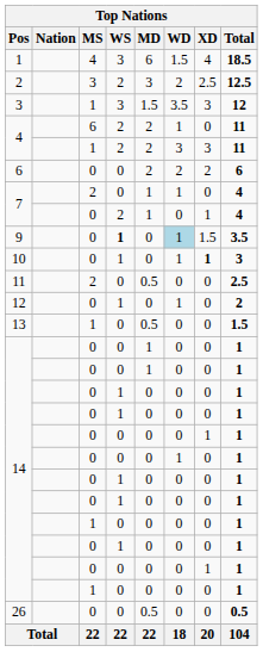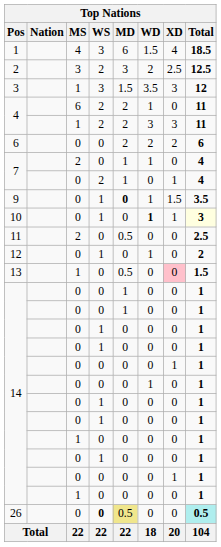 <table class="wikitable" style="text-align:center">
 <tr>
 <th colspan="10">Top Nations</th>
 </tr>
 <tr>
 <th>Pos</th>
 <th>Nation</th>
 <th>MS</th>
 <th>WS</th>
 <th>MD</th>
 <th>WD</th>
 <th>XD</th>
 <th>Total</th>
 </tr>
 <tr>
 <td>1</td>
 <td align="left"><strong></strong></td>
 <td>4</td>
 <td>3</td>
 <td>6</td>
 <td>1.5</td>
 <td>4</td>
 <td><strong>18.5</strong></td>
 </tr>
 <tr>
 <td>2</td>
 <td align="left"></td>
 <td>3</td>
 <td>2</td>
 <td>3</td>
 <td>2</td>
 <td>2.5</td>
 <td><strong>12.5</strong></td>
 </tr>
 <tr>
 <td>3</td>
 <td align="left"></td>
 <td>1</td>
 <td>3</td>
 <td>1.5</td>
 <td>3.5</td>
 <td>3</td>
 <td><strong>12</strong></td>
 </tr>
 <tr>
 <td rowspan=2>4</td>
 <td align="left"></td>
 <td>6</td>
 <td>2</td>
 <td>2</td>
 <td>1</td>
 <td>0</td>
 <td><strong>11</strong></td>
 </tr>
 <tr>
 <td align="left"></td>
 <td>1</td>
 <td>2</td>
 <td>2</td>
 <td>3</td>
 <td>3</td>
 <td><strong>11</strong></td>
 </tr>
 <tr>
 <td>6</td>
 <td align="left"></td>
 <td>0</td>
 <td>0</td>
 <td>2</td>
 <td>2</td>
 <td>2</td>
 <td><strong>6</strong></td>
 </tr>
 <tr>
 <td rowspan=2>7</td>
 <td align="left"></td>
 <td>2</td>
 <td>0</td>
 <td>1</td>
 <td>1</td>
 <td>0</td>
 <td><strong>4</strong></td>
 </tr>
 <tr>
 <td align="left"></td>
 <td>0</td>
 <td>2</td>
 <td>1</td>
 <td>0</td>
 <td>1</td>
 <td><strong>4</strong></td>
 </tr>
 <tr>
 <td>9</td>
 <td align="left"></td>
 <td>0</td>
-<td><strong>1</strong></td>
-<td>0</td>
-<td style="background: lightblue;">1</td>
+<td>1</td>
+<td><strong>0</strong></td>
+<td>1</td>
 <td>1.5</td>
 <td><strong>3.5</strong></td>
 </tr>
 <tr>
 <td>10</td>
 <td align="left"></td>
 <td>0</td>
 <td>1</td>
 <td>0</td>
+<td><strong>1</strong></td>
 <td>1</td>
-<td><strong>1</strong></td>
-<td><strong>3</strong></td>
+<td style="background: lightyellow;"><strong>3</strong></td>
 </tr>
 <tr>
 <td>11</td>
 <td align="left"></td>
 <td>2</td>
 <td>0</td>
 <td>0.5</td>
 <td>0</td>
 <td>0</td>
 <td><strong>2.5</strong></td>
 </tr>
 <tr>
 <td>12</td>
 <td align="left"></td>
 <td>0</td>
 <td>1</td>
 <td>0</td>
 <td>1</td>
 <td>0</td>
 <td><strong>2</strong></td>
 </tr>
 <tr>
 <td>13</td>
 <td align="left"></td>
 <td>1</td>
 <td>0</td>
 <td>0.5</td>
 <td>0</td>
-<td>0</td>
+<td style="background: pink;">0</td>
 <td><strong>1.5</strong></td>
 </tr>
 <tr>
 <td rowspan=12>14</td>
 <td align="left"></td>
 <td>0</td>
 <td>0</td>
 <td>1</td>
 <td>0</td>
 <td>0</td>
 <td><strong>1</strong></td>
 </tr>
 <tr>
 <td align="left"></td>
 <td>0</td>
 <td>0</td>
 <td>1</td>
 <td>0</td>
 <td>0</td>
 <td><strong>1</strong></td>
 </tr>
 <tr>
 <td align="left"></td>
 <td>0</td>
 <td>1</td>
 <td>0</td>
 <td>0</td>
 <td>0</td>
 <td><strong>1</strong></td>
 </tr>
 <tr>
 <td align="left"></td>
 <td>0</td>
 <td>1</td>
 <td>0</td>
 <td>0</td>
 <td>0</td>
 <td><strong>1</strong></td>
 </tr>
 <tr>
 <td align="left"></td>
 <td>0</td>
 <td>0</td>
 <td>0</td>
 <td>0</td>
 <td>1</td>
 <td><strong>1</strong></td>
 </tr>
 <tr>
 <td align="left"></td>
 <td>0</td>
 <td>0</td>
 <td>0</td>
 <td>1</td>
 <td>0</td>
 <td><strong>1</strong></td>
 </tr>
 <tr>
 <td align="left"></td>
 <td>0</td>
 <td>1</td>
 <td>0</td>
 <td>0</td>
 <td>0</td>
 <td><strong>1</strong></td>
 </tr>
 <tr>
 <td align="left"></td>
 <td>0</td>
 <td>1</td>
 <td>0</td>
 <td>0</td>
 <td>0</td>
 <td><strong>1</strong></td>
 </tr>
 <tr>
 <td align="left"></td>
 <td>1</td>
 <td>0</td>
 <td>0</td>
 <td>0</td>
 <td>0</td>
 <td><strong>1</strong></td>
 </tr>
 <tr>
 <td align="left"></td>
 <td>0</td>
 <td>1</td>
 <td>0</td>
 <td>0</td>
 <td>0</td>
 <td><strong>1</strong></td>
 </tr>
 <tr>
 <td align="left"></td>
 <td>0</td>
 <td>0</td>
 <td>0</td>
 <td>0</td>
 <td>1</td>
 <td><strong>1</strong></td>
 </tr>
 <tr>
 <td align="left"></td>
 <td>1</td>
 <td>0</td>
 <td>0</td>
 <td>0</td>
 <td>0</td>
 <td><strong>1</strong></td>
 </tr>
 <tr>
 <td>26</td>
 <td align="left"></td>
 <td>0</td>
-<td>0</td>
-<td>0.5</td>
+<td><strong>0</strong></td>
+<td style="background: khaki;">0.5</td>
 <td>0</td>
 <td>0</td>
-<td><strong>0.5</strong></td>
+<td style="background: paleturquoise;"><strong>0.5</strong></td>
 </tr>
 <tr>
 <th colspan="2">Total</th>
 <th>22</th>
 <th>22</th>
 <th>22</th>
 <th>18</th>
 <th>20</th>
 <th>104</th>
 </tr>
 </table>
